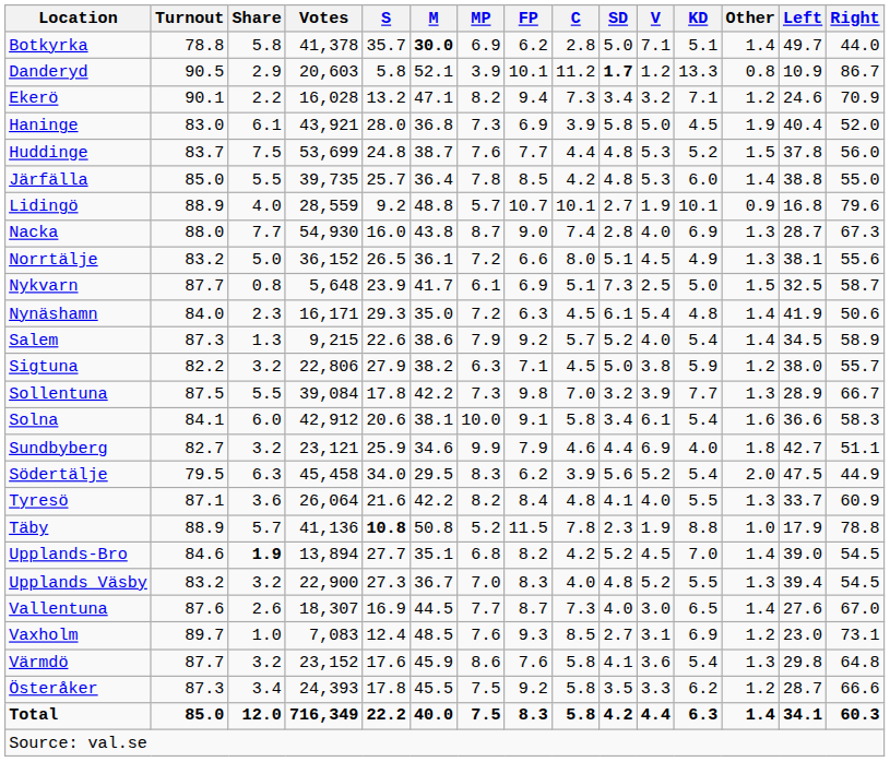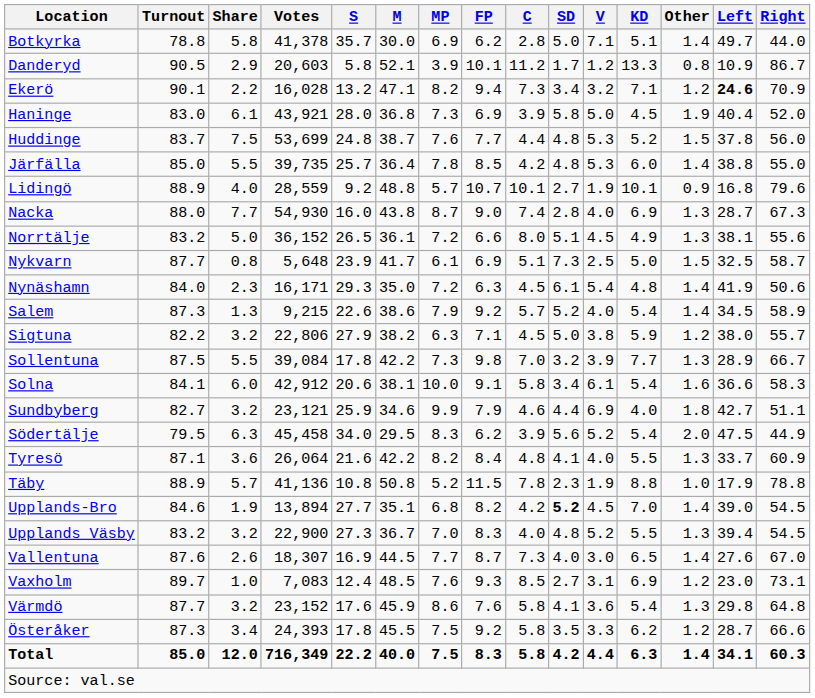 <table class="wikitable sortable" style=text-align:right>
 <tr>
 <th>Location</th>
 <th>Turnout</th>
 <th>Share</th>
 <th>Votes</th>
 <th><a href='#'>S</a></th>
 <th><a href='#'>M</a></th>
 <th><a href='#'>MP</a></th>
 <th><a href='#'>FP</a></th>
 <th><a href='#'>C</a></th>
 <th><a href='#'>SD</a></th>
 <th><a href='#'>V</a></th>
 <th><a href='#'>KD</a></th>
 <th>Other</th>
 <th><a href='#'>Left</a></th>
 <th><a href='#'>Right</a></th>
 </tr>
 <tr>
 <td align=left><a href='#'>Botkyrka</a></td>
 <td>78.8</td>
 <td>5.8</td>
 <td>41,378</td>
 <td>35.7</td>
-<td><strong>30.0</strong></td>
+<td>30.0</td>
 <td>6.9</td>
 <td>6.2</td>
 <td>2.8</td>
 <td>5.0</td>
 <td>7.1</td>
 <td>5.1</td>
 <td>1.4</td>
 <td>49.7</td>
 <td>44.0</td>
 </tr>
 <tr>
 <td align=left><a href='#'>Danderyd</a></td>
 <td>90.5</td>
 <td>2.9</td>
 <td>20,603</td>
 <td>5.8</td>
 <td>52.1</td>
 <td>3.9</td>
 <td>10.1</td>
 <td>11.2</td>
-<td><strong>1.7</strong></td>
+<td>1.7</td>
 <td>1.2</td>
 <td>13.3</td>
 <td>0.8</td>
 <td>10.9</td>
 <td>86.7</td>
 </tr>
 <tr>
 <td align=left><a href='#'>Ekerö</a></td>
 <td>90.1</td>
 <td>2.2</td>
 <td>16,028</td>
 <td>13.2</td>
 <td>47.1</td>
 <td>8.2</td>
 <td>9.4</td>
 <td>7.3</td>
 <td>3.4</td>
 <td>3.2</td>
 <td>7.1</td>
 <td>1.2</td>
-<td>24.6</td>
+<td><strong>24.6</strong></td>
 <td>70.9</td>
 </tr>
 <tr>
 <td align=left><a href='#'>Haninge</a></td>
 <td>83.0</td>
 <td>6.1</td>
 <td>43,921</td>
 <td>28.0</td>
 <td>36.8</td>
 <td>7.3</td>
 <td>6.9</td>
 <td>3.9</td>
 <td>5.8</td>
 <td>5.0</td>
 <td>4.5</td>
 <td>1.9</td>
 <td>40.4</td>
 <td>52.0</td>
 </tr>
 <tr>
 <td align=left><a href='#'>Huddinge</a></td>
 <td>83.7</td>
 <td>7.5</td>
 <td>53,699</td>
 <td>24.8</td>
 <td>38.7</td>
 <td>7.6</td>
 <td>7.7</td>
 <td>4.4</td>
 <td>4.8</td>
 <td>5.3</td>
 <td>5.2</td>
 <td>1.5</td>
 <td>37.8</td>
 <td>56.0</td>
 </tr>
 <tr>
 <td align=left><a href='#'>Järfälla</a></td>
 <td>85.0</td>
 <td>5.5</td>
 <td>39,735</td>
 <td>25.7</td>
 <td>36.4</td>
 <td>7.8</td>
 <td>8.5</td>
 <td>4.2</td>
 <td>4.8</td>
 <td>5.3</td>
 <td>6.0</td>
 <td>1.4</td>
 <td>38.8</td>
 <td>55.0</td>
 </tr>
 <tr>
 <td align=left><a href='#'>Lidingö</a></td>
 <td>88.9</td>
 <td>4.0</td>
 <td>28,559</td>
 <td>9.2</td>
 <td>48.8</td>
 <td>5.7</td>
 <td>10.7</td>
 <td>10.1</td>
 <td>2.7</td>
 <td>1.9</td>
 <td>10.1</td>
 <td>0.9</td>
 <td>16.8</td>
 <td>79.6</td>
 </tr>
 <tr>
 <td align=left><a href='#'>Nacka</a></td>
 <td>88.0</td>
 <td>7.7</td>
 <td>54,930</td>
 <td>16.0</td>
 <td>43.8</td>
 <td>8.7</td>
 <td>9.0</td>
 <td>7.4</td>
 <td>2.8</td>
 <td>4.0</td>
 <td>6.9</td>
 <td>1.3</td>
 <td>28.7</td>
 <td>67.3</td>
 </tr>
 <tr>
 <td align=left><a href='#'>Norrtälje</a></td>
 <td>83.2</td>
 <td>5.0</td>
 <td>36,152</td>
 <td>26.5</td>
 <td>36.1</td>
 <td>7.2</td>
 <td>6.6</td>
 <td>8.0</td>
 <td>5.1</td>
 <td>4.5</td>
 <td>4.9</td>
 <td>1.3</td>
 <td>38.1</td>
 <td>55.6</td>
 </tr>
 <tr>
 <td align=left><a href='#'>Nykvarn</a></td>
 <td>87.7</td>
 <td>0.8</td>
 <td>5,648</td>
 <td>23.9</td>
 <td>41.7</td>
 <td>6.1</td>
 <td>6.9</td>
 <td>5.1</td>
 <td>7.3</td>
 <td>2.5</td>
 <td>5.0</td>
 <td>1.5</td>
 <td>32.5</td>
 <td>58.7</td>
 </tr>
 <tr>
 <td align=left><a href='#'>Nynäshamn</a></td>
 <td>84.0</td>
 <td>2.3</td>
 <td>16,171</td>
 <td>29.3</td>
 <td>35.0</td>
 <td>7.2</td>
 <td>6.3</td>
 <td>4.5</td>
 <td>6.1</td>
 <td>5.4</td>
 <td>4.8</td>
 <td>1.4</td>
 <td>41.9</td>
 <td>50.6</td>
 </tr>
 <tr>
 <td align=left><a href='#'>Salem</a></td>
 <td>87.3</td>
 <td>1.3</td>
 <td>9,215</td>
 <td>22.6</td>
 <td>38.6</td>
 <td>7.9</td>
 <td>9.2</td>
 <td>5.7</td>
 <td>5.2</td>
 <td>4.0</td>
 <td>5.4</td>
 <td>1.4</td>
 <td>34.5</td>
 <td>58.9</td>
 </tr>
 <tr>
 <td align=left><a href='#'>Sigtuna</a></td>
 <td>82.2</td>
 <td>3.2</td>
 <td>22,806</td>
 <td>27.9</td>
 <td>38.2</td>
 <td>6.3</td>
 <td>7.1</td>
 <td>4.5</td>
 <td>5.0</td>
 <td>3.8</td>
 <td>5.9</td>
 <td>1.2</td>
 <td>38.0</td>
 <td>55.7</td>
 </tr>
 <tr>
 <td align=left><a href='#'>Sollentuna</a></td>
 <td>87.5</td>
 <td>5.5</td>
 <td>39,084</td>
 <td>17.8</td>
 <td>42.2</td>
 <td>7.3</td>
 <td>9.8</td>
 <td>7.0</td>
 <td>3.2</td>
 <td>3.9</td>
 <td>7.7</td>
 <td>1.3</td>
 <td>28.9</td>
 <td>66.7</td>
 </tr>
 <tr>
 <td align=left><a href='#'>Solna</a></td>
 <td>84.1</td>
 <td>6.0</td>
 <td>42,912</td>
 <td>20.6</td>
 <td>38.1</td>
 <td>10.0</td>
 <td>9.1</td>
 <td>5.8</td>
 <td>3.4</td>
 <td>6.1</td>
 <td>5.4</td>
 <td>1.6</td>
 <td>36.6</td>
 <td>58.3</td>
 </tr>
 <tr>
 <td align=left><a href='#'>Sundbyberg</a></td>
 <td>82.7</td>
 <td>3.2</td>
 <td>23,121</td>
 <td>25.9</td>
 <td>34.6</td>
 <td>9.9</td>
 <td>7.9</td>
 <td>4.6</td>
 <td>4.4</td>
 <td>6.9</td>
 <td>4.0</td>
 <td>1.8</td>
 <td>42.7</td>
 <td>51.1</td>
 </tr>
 <tr>
 <td align=left><a href='#'>Södertälje</a></td>
 <td>79.5</td>
 <td>6.3</td>
 <td>45,458</td>
 <td>34.0</td>
 <td>29.5</td>
 <td>8.3</td>
 <td>6.2</td>
 <td>3.9</td>
 <td>5.6</td>
 <td>5.2</td>
 <td>5.4</td>
 <td>2.0</td>
 <td>47.5</td>
 <td>44.9</td>
 </tr>
 <tr>
 <td align=left><a href='#'>Tyresö</a></td>
 <td>87.1</td>
 <td>3.6</td>
 <td>26,064</td>
 <td>21.6</td>
 <td>42.2</td>
 <td>8.2</td>
 <td>8.4</td>
 <td>4.8</td>
 <td>4.1</td>
 <td>4.0</td>
 <td>5.5</td>
 <td>1.3</td>
 <td>33.7</td>
 <td>60.9</td>
 </tr>
 <tr>
 <td align=left><a href='#'>Täby</a></td>
 <td>88.9</td>
 <td>5.7</td>
 <td>41,136</td>
-<td><strong>10.8</strong></td>
+<td>10.8</td>
 <td>50.8</td>
 <td>5.2</td>
 <td>11.5</td>
 <td>7.8</td>
 <td>2.3</td>
 <td>1.9</td>
 <td>8.8</td>
 <td>1.0</td>
 <td>17.9</td>
 <td>78.8</td>
 </tr>
 <tr>
 <td align=left><a href='#'>Upplands-Bro</a></td>
 <td>84.6</td>
-<td><strong>1.9</strong></td>
+<td>1.9</td>
 <td>13,894</td>
 <td>27.7</td>
 <td>35.1</td>
 <td>6.8</td>
 <td>8.2</td>
 <td>4.2</td>
-<td>5.2</td>
+<td><strong>5.2</strong></td>
 <td>4.5</td>
 <td>7.0</td>
 <td>1.4</td>
 <td>39.0</td>
 <td>54.5</td>
 </tr>
 <tr>
 <td align=left><a href='#'>Upplands Väsby</a></td>
 <td>83.2</td>
 <td>3.2</td>
 <td>22,900</td>
 <td>27.3</td>
 <td>36.7</td>
 <td>7.0</td>
 <td>8.3</td>
 <td>4.0</td>
 <td>4.8</td>
 <td>5.2</td>
 <td>5.5</td>
 <td>1.3</td>
 <td>39.4</td>
 <td>54.5</td>
 </tr>
 <tr>
 <td align=left><a href='#'>Vallentuna</a></td>
 <td>87.6</td>
 <td>2.6</td>
 <td>18,307</td>
 <td>16.9</td>
 <td>44.5</td>
 <td>7.7</td>
 <td>8.7</td>
 <td>7.3</td>
 <td>4.0</td>
 <td>3.0</td>
 <td>6.5</td>
 <td>1.4</td>
 <td>27.6</td>
 <td>67.0</td>
 </tr>
 <tr>
 <td align=left><a href='#'>Vaxholm</a></td>
 <td>89.7</td>
 <td>1.0</td>
 <td>7,083</td>
 <td>12.4</td>
 <td>48.5</td>
 <td>7.6</td>
 <td>9.3</td>
 <td>8.5</td>
 <td>2.7</td>
 <td>3.1</td>
 <td>6.9</td>
 <td>1.2</td>
 <td>23.0</td>
 <td>73.1</td>
 </tr>
 <tr>
 <td align=left><a href='#'>Värmdö</a></td>
 <td>87.7</td>
 <td>3.2</td>
 <td>23,152</td>
 <td>17.6</td>
 <td>45.9</td>
 <td>8.6</td>
 <td>7.6</td>
 <td>5.8</td>
 <td>4.1</td>
 <td>3.6</td>
 <td>5.4</td>
 <td>1.3</td>
 <td>29.8</td>
 <td>64.8</td>
 </tr>
 <tr>
 <td align=left><a href='#'>Österåker</a></td>
 <td>87.3</td>
 <td>3.4</td>
 <td>24,393</td>
 <td>17.8</td>
 <td>45.5</td>
 <td>7.5</td>
 <td>9.2</td>
 <td>5.8</td>
 <td>3.5</td>
 <td>3.3</td>
 <td>6.2</td>
 <td>1.2</td>
 <td>28.7</td>
 <td>66.6</td>
 </tr>
 <tr>
 <td align=left><strong>Total</strong></td>
 <td><strong>85.0</strong></td>
 <td><strong>12.0</strong></td>
 <td><strong>716,349</strong></td>
 <td><strong>22.2</strong></td>
 <td><strong>40.0</strong></td>
 <td><strong>7.5</strong></td>
 <td><strong>8.3</strong></td>
 <td><strong>5.8</strong></td>
 <td><strong>4.2</strong></td>
 <td><strong>4.4</strong></td>
 <td><strong>6.3</strong></td>
 <td><strong>1.4</strong></td>
 <td><strong>34.1</strong></td>
 <td><strong>60.3</strong></td>
 </tr>
 <tr>
 <td align=left colspan=15>Source: val.se </td>
 </tr>
 </table>
